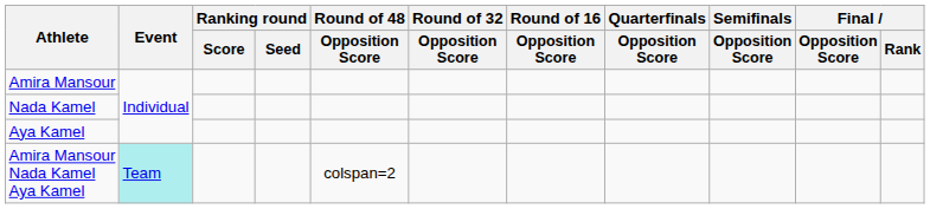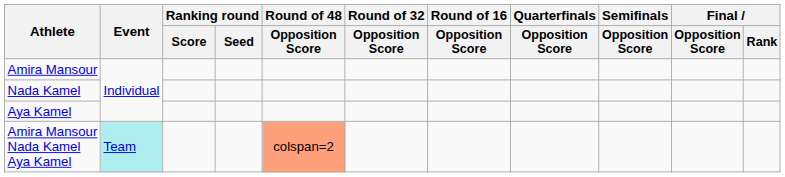 <table class="wikitable" style="font-size:90%">
 <tr>
 <th rowspan=2>Athlete</th>
 <th rowspan=2>Event</th>
 <th colspan=2>Ranking round</th>
 <th>Round of 48</th>
 <th>Round of 32</th>
 <th>Round of 16</th>
 <th>Quarterfinals</th>
 <th>Semifinals</th>
 <th colspan=2>Final / </th>
 </tr>
 <tr style="font-size:95%">
 <th>Score</th>
 <th>Seed</th>
 <th>Opposition<br>Score</th>
 <th>Opposition<br>Score</th>
 <th>Opposition<br>Score</th>
 <th>Opposition<br>Score</th>
 <th>Opposition<br>Score</th>
 <th>Opposition<br>Score</th>
 <th>Rank</th>
 </tr>
 <tr align=center>
 <td align=left><a href='#'>Amira Mansour</a></td>
 <td align=left rowspan=3><a href='#'>Individual</a></td>
 <td></td>
 <td></td>
 <td></td>
 <td></td>
 <td></td>
 <td></td>
 <td></td>
 <td></td>
 <td></td>
 </tr>
 <tr align=center>
 <td align=left><a href='#'>Nada Kamel</a></td>
 <td></td>
 <td></td>
 <td></td>
 <td></td>
 <td></td>
 <td></td>
 <td></td>
 <td></td>
 <td></td>
 </tr>
 <tr align=center>
 <td align=left><a href='#'>Aya Kamel</a></td>
 <td></td>
 <td></td>
 <td></td>
 <td></td>
 <td></td>
 <td></td>
 <td></td>
 <td></td>
 <td></td>
 </tr>
 <tr align=center>
 <td align=left><a href='#'>Amira Mansour</a><br><a href='#'>Nada Kamel</a><br><a href='#'>Aya Kamel</a></td>
 <td align=left style="background: paleturquoise;"><a href='#'>Team</a></td>
 <td></td>
 <td></td>
-<td>colspan=2 </td>
+<td style="background: lightsalmon;">colspan=2 </td>
 <td></td>
 <td></td>
 <td></td>
 <td></td>
 <td></td>
 </tr>
 </table>
